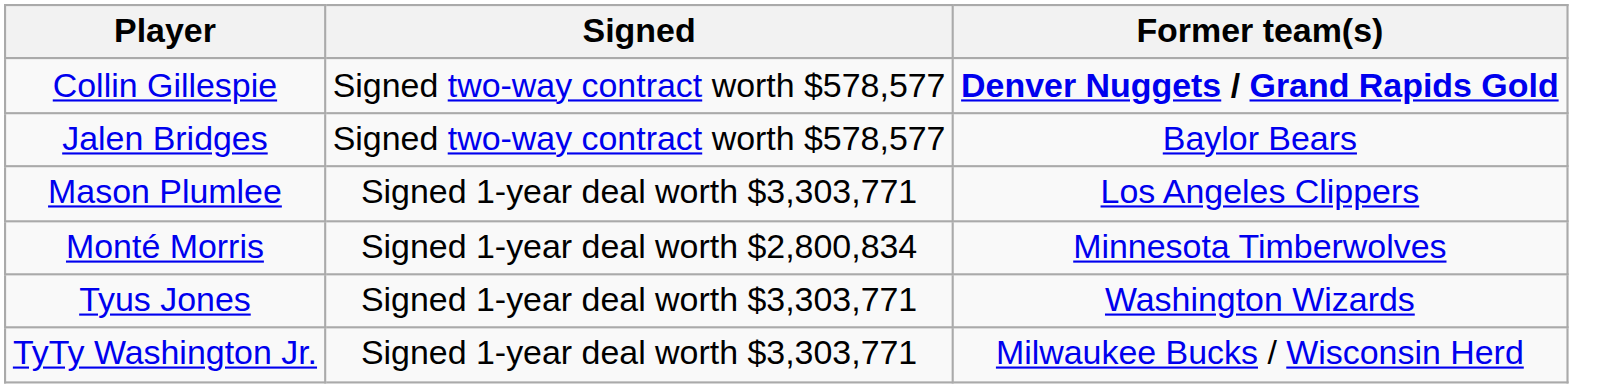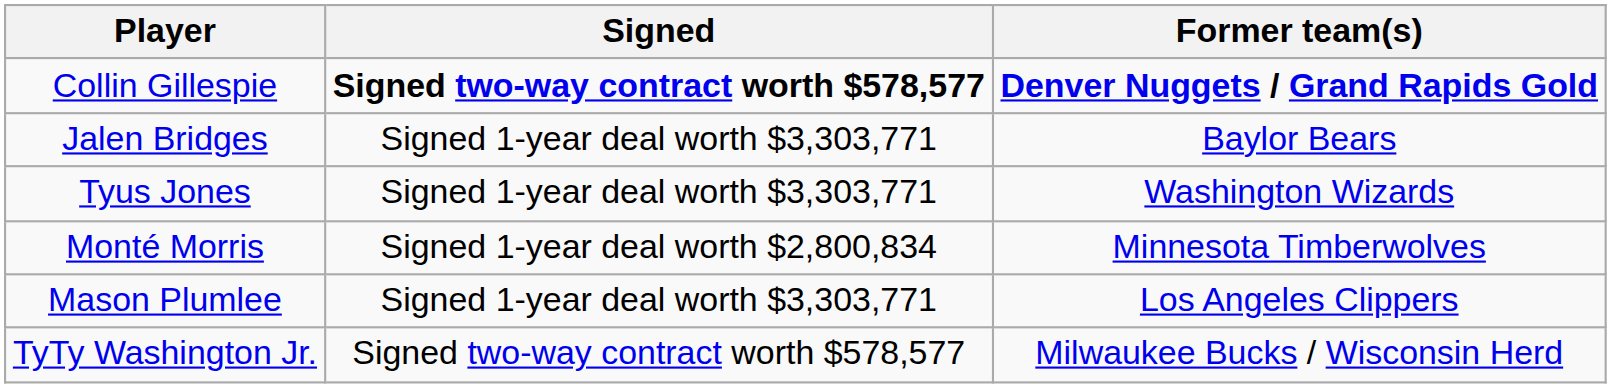 <table class="wikitable sortable sortable">
 <tr>
 <th>Player</th>
 <th>Signed</th>
 <th>Former team(s)</th>
 </tr>
 <tr style="text-align: center">
 <td><a href='#'>Collin Gillespie</a></td>
-<td>Signed <a href='#'>two-way contract</a> worth $578,577</td>
+<td><strong>Signed <a href='#'>two-way contract</a> worth $578,577</strong></td>
 <td><strong><a href='#'>Denver Nuggets</a> / <a href='#'>Grand Rapids Gold</a></strong></td>
 </tr>
 <tr style="text-align: center">
 <td><a href='#'>Jalen Bridges</a></td>
-<td>Signed <a href='#'>two-way contract</a> worth $578,577</td>
+<td>Signed 1-year deal worth $3,303,771</td>
 <td><a href='#'>Baylor Bears</a></td>
+</tr>
+<tr style="text-align: center">
+<td><a href='#'>Tyus Jones</a></td>
+<td>Signed 1-year deal worth $3,303,771</td>
+<td><a href='#'>Washington Wizards</a></td>
+</tr>
+<tr style="text-align: center">
+<td><a href='#'>Monté Morris</a></td>
+<td>Signed 1-year deal worth $2,800,834</td>
+<td><a href='#'>Minnesota Timberwolves</a></td>
 </tr>
 <tr style="text-align: center">
 <td><a href='#'>Mason Plumlee</a></td>
 <td>Signed 1-year deal worth $3,303,771</td>
 <td><a href='#'>Los Angeles Clippers</a></td>
 </tr>
 <tr style="text-align: center">
-<td><a href='#'>Monté Morris</a></td>
-<td>Signed 1-year deal worth $2,800,834</td>
-<td><a href='#'>Minnesota Timberwolves</a></td>
-</tr>
-<tr style="text-align: center">
-<td><a href='#'>Tyus Jones</a></td>
-<td>Signed 1-year deal worth $3,303,771</td>
-<td><a href='#'>Washington Wizards</a></td>
-</tr>
-<tr style="text-align: center">
 <td><a href='#'>TyTy Washington Jr.</a></td>
-<td>Signed 1-year deal worth $3,303,771</td>
+<td>Signed <a href='#'>two-way contract</a> worth $578,577</td>
 <td><a href='#'>Milwaukee Bucks</a> / <a href='#'>Wisconsin Herd</a></td>
 </tr>
 </table>
